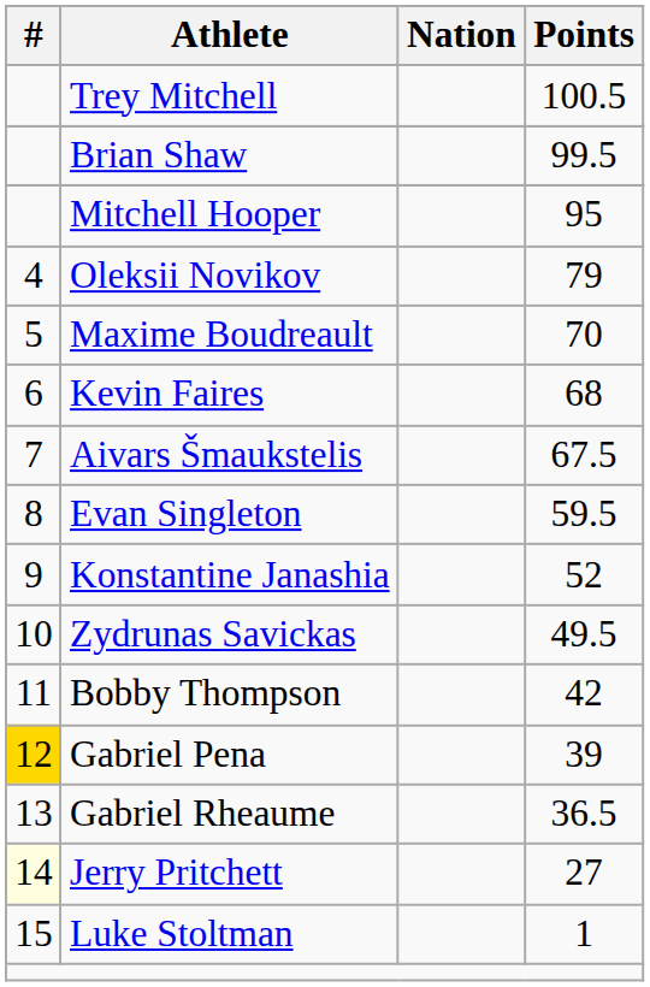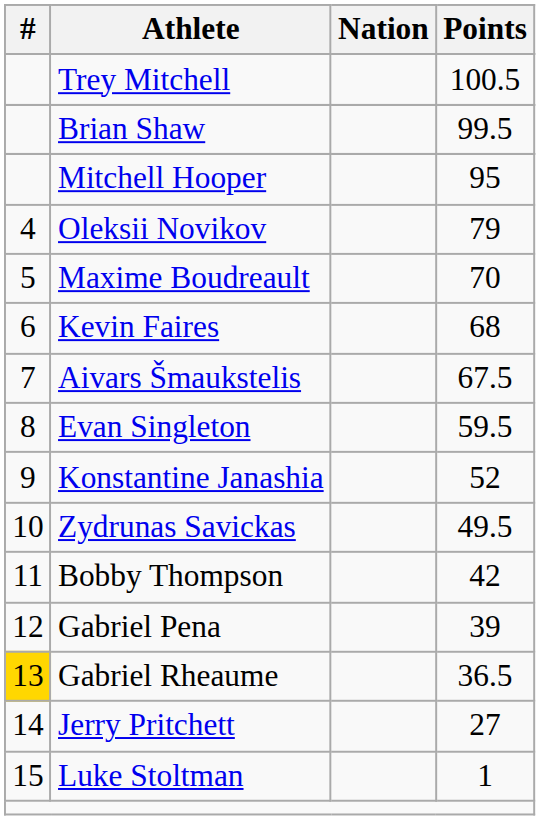 <table class="wikitable" style="text-align:center">
 <tr>
 <th scope="col" style="width: 10px;">#</th>
 <th scope="col">Athlete</th>
 <th scope="col">Nation</th>
 <th scope="col" style="width: 10px;">Points</th>
 </tr>
 <tr>
 </tr>
 <tr>
 <td></td>
 <td align=left><a href='#'>Trey Mitchell</a></td>
 <td align=left></td>
 <td>100.5</td>
 </tr>
 <tr>
 </tr>
 <tr>
 <td></td>
 <td align=left><a href='#'>Brian Shaw</a></td>
 <td align=left></td>
 <td>99.5</td>
 </tr>
 <tr>
 </tr>
 <tr>
 <td></td>
 <td align=left><a href='#'>Mitchell Hooper</a></td>
 <td align=left></td>
 <td>95</td>
 </tr>
 <tr>
 <td>4</td>
 <td align=left><a href='#'>Oleksii Novikov</a></td>
 <td align=left></td>
 <td>79</td>
 </tr>
 <tr>
 <td>5</td>
 <td align=left><a href='#'>Maxime Boudreault</a></td>
 <td align=left></td>
 <td>70</td>
 </tr>
 <tr>
 <td>6</td>
 <td align=left><a href='#'>Kevin Faires</a></td>
 <td align=left></td>
 <td>68</td>
 </tr>
 <tr>
 <td>7</td>
 <td align=left><a href='#'>Aivars Šmaukstelis</a></td>
 <td align=left></td>
 <td>67.5</td>
 </tr>
 <tr>
 <td>8</td>
 <td align=left><a href='#'>Evan Singleton</a></td>
 <td align=left></td>
 <td>59.5</td>
 </tr>
 <tr>
 <td>9</td>
 <td align=left><a href='#'>Konstantine Janashia</a></td>
 <td align=left></td>
 <td>52</td>
 </tr>
 <tr>
 <td>10</td>
 <td align=left><a href='#'>Zydrunas Savickas</a></td>
 <td align=left></td>
 <td>49.5</td>
 </tr>
 <tr>
 <td>11</td>
 <td align=left>Bobby Thompson</td>
 <td align=left></td>
 <td>42</td>
 </tr>
 <tr>
-<td style="background: gold;">12</td>
+<td>12</td>
 <td align=left>Gabriel Pena</td>
 <td align=left></td>
 <td>39</td>
 </tr>
 <tr>
-<td>13</td>
+<td style="background: gold;">13</td>
 <td align=left>Gabriel Rheaume</td>
 <td align=left></td>
 <td>36.5</td>
 </tr>
 <tr>
-<td style="background: lightyellow;">14</td>
+<td>14</td>
 <td align=left><a href='#'>Jerry Pritchett</a></td>
 <td align=left></td>
 <td>27</td>
 </tr>
 <tr>
 <td>15</td>
 <td align=left><a href='#'>Luke Stoltman</a></td>
 <td align=left></td>
 <td>1</td>
 </tr>
 <tr class="sortbottom">
 <td colspan="4"></td>
 </tr>
 </table>
